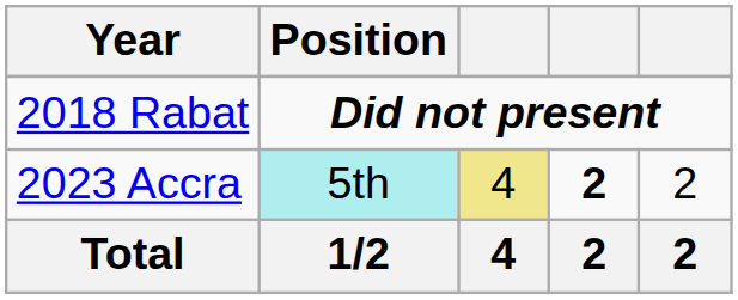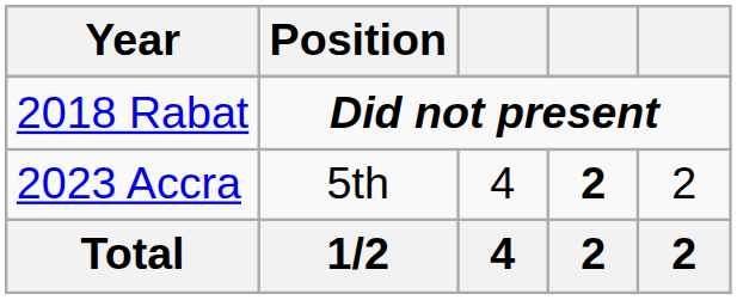 <table class="wikitable" style="text-align: center;">
 <tr>
 <th>Year</th>
 <th>Position</th>
 <th width=25px></th>
 <th width=25px></th>
 <th width=25px></th>
 </tr>
 <tr bgcolor="#FFD700">
 </tr>
 <tr>
 <td style="text-align: left;"> <a href='#'>2018 Rabat</a></td>
 <td rowspan="1" colspan="4" style="text-align:center;"><strong><em>Did not present</em></strong></td>
 </tr>
 <tr>
 <td style="text-align: left;"> <a href='#'>2023 Accra</a></td>
-<td style="background: paleturquoise;">5th</td>
-<td style="background: khaki;">4</td>
+<td>5th</td>
+<td>4</td>
 <td><strong>2</strong></td>
 <td>2</td>
 </tr>
 <tr>
 <th>Total</th>
 <th>1/2</th>
 <th>4</th>
 <th>2</th>
 <th>2</th>
 </tr>
 </table>
